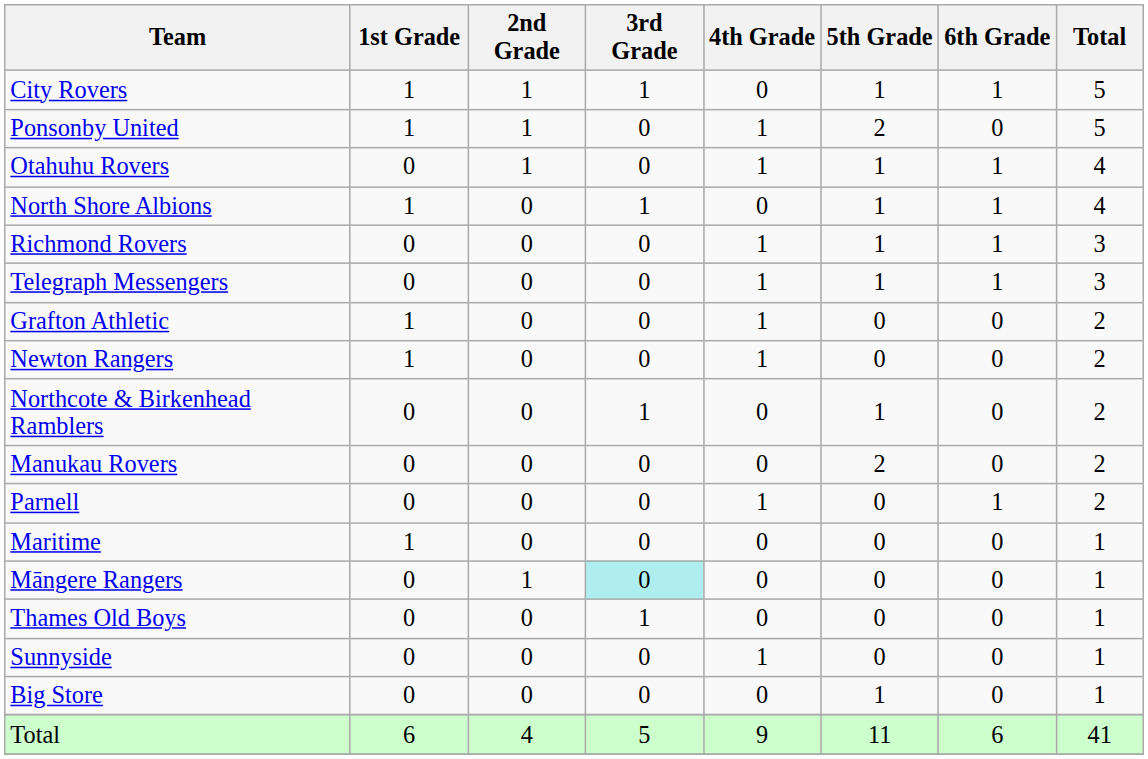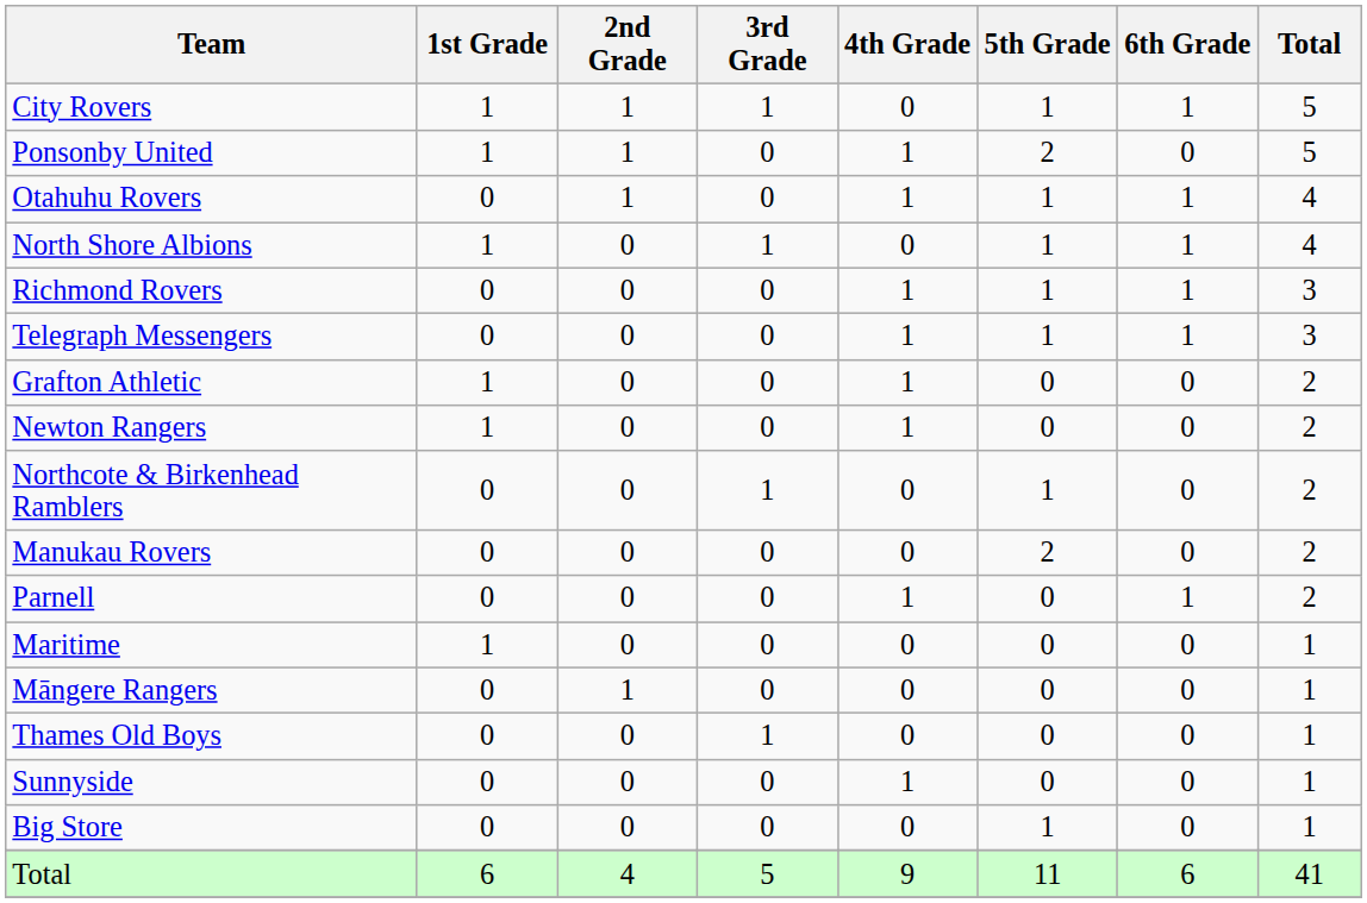 <table class="wikitable" style="text-align:center;">
 <tr>
 <th width=220>Team</th>
 <th width=70 abbr="1st Grade">1st Grade</th>
 <th width=70 abbr="2nd Grade">2nd Grade</th>
 <th width=70 abbr="3rd Grade">3rd Grade</th>
 <th width=70 abbr="4th Grade">4th Grade</th>
 <th width=70 abbr="5th Grade">5th Grade</th>
 <th width=70 abbr="6th Grade">6th Grade</th>
 <th width=50 abbr="Total">Total</th>
 </tr>
 <tr>
 <td style="text-align:left;"><a href='#'>City Rovers</a></td>
 <td>1</td>
 <td>1</td>
 <td>1</td>
 <td>0</td>
 <td>1</td>
 <td>1</td>
 <td>5</td>
 </tr>
 <tr>
 <td style="text-align:left;"><a href='#'>Ponsonby United</a></td>
 <td>1</td>
 <td>1</td>
 <td>0</td>
 <td>1</td>
 <td>2</td>
 <td>0</td>
 <td>5</td>
 </tr>
 <tr>
 <td style="text-align:left;"><a href='#'>Otahuhu Rovers</a></td>
 <td>0</td>
 <td>1</td>
 <td>0</td>
 <td>1</td>
 <td>1</td>
 <td>1</td>
 <td>4</td>
 </tr>
 <tr>
 <td style="text-align:left;"><a href='#'>North Shore Albions</a></td>
 <td>1</td>
 <td>0</td>
 <td>1</td>
 <td>0</td>
 <td>1</td>
 <td>1</td>
 <td>4</td>
 </tr>
 <tr>
 <td style="text-align:left;"><a href='#'>Richmond Rovers</a></td>
 <td>0</td>
 <td>0</td>
 <td>0</td>
 <td>1</td>
 <td>1</td>
 <td>1</td>
 <td>3</td>
 </tr>
 <tr>
 <td style="text-align:left;"><a href='#'>Telegraph Messengers</a></td>
 <td>0</td>
 <td>0</td>
 <td>0</td>
 <td>1</td>
 <td>1</td>
 <td>1</td>
 <td>3</td>
 </tr>
 <tr>
 <td style="text-align:left;"><a href='#'>Grafton Athletic</a></td>
 <td>1</td>
 <td>0</td>
 <td>0</td>
 <td>1</td>
 <td>0</td>
 <td>0</td>
 <td>2</td>
 </tr>
 <tr>
 <td style="text-align:left;"><a href='#'>Newton Rangers</a></td>
 <td>1</td>
 <td>0</td>
 <td>0</td>
 <td>1</td>
 <td>0</td>
 <td>0</td>
 <td>2</td>
 </tr>
 <tr>
 <td style="text-align:left;"><a href='#'>Northcote & Birkenhead Ramblers</a></td>
 <td>0</td>
 <td>0</td>
 <td>1</td>
 <td>0</td>
 <td>1</td>
 <td>0</td>
 <td>2</td>
 </tr>
 <tr>
 <td style="text-align:left;"><a href='#'>Manukau Rovers</a></td>
 <td>0</td>
 <td>0</td>
 <td>0</td>
 <td>0</td>
 <td>2</td>
 <td>0</td>
 <td>2</td>
 </tr>
 <tr>
 <td style="text-align:left;"><a href='#'>Parnell</a></td>
 <td>0</td>
 <td>0</td>
 <td>0</td>
 <td>1</td>
 <td>0</td>
 <td>1</td>
 <td>2</td>
 </tr>
 <tr>
 <td style="text-align:left;"><a href='#'>Maritime</a></td>
 <td>1</td>
 <td>0</td>
 <td>0</td>
 <td>0</td>
 <td>0</td>
 <td>0</td>
 <td>1</td>
 </tr>
 <tr>
 <td style="text-align:left;"><a href='#'>Māngere Rangers</a></td>
 <td>0</td>
 <td>1</td>
-<td style="background: paleturquoise;">0</td>
+<td>0</td>
 <td>0</td>
 <td>0</td>
 <td>0</td>
 <td>1</td>
 </tr>
 <tr>
 <td style="text-align:left;"><a href='#'>Thames Old Boys</a></td>
 <td>0</td>
 <td>0</td>
 <td>1</td>
 <td>0</td>
 <td>0</td>
 <td>0</td>
 <td>1</td>
 </tr>
 <tr>
 <td style="text-align:left;"><a href='#'>Sunnyside</a></td>
 <td>0</td>
 <td>0</td>
 <td>0</td>
 <td>1</td>
 <td>0</td>
 <td>0</td>
 <td>1</td>
 </tr>
 <tr>
 <td style="text-align:left;"><a href='#'>Big Store</a></td>
 <td>0</td>
 <td>0</td>
 <td>0</td>
 <td>0</td>
 <td>1</td>
 <td>0</td>
 <td>1</td>
 </tr>
 <tr>
 </tr>
 <tr style="background: #ccffcc;">
 <td style="text-align:left;">Total</td>
 <td>6</td>
 <td>4</td>
 <td>5</td>
 <td>9</td>
 <td>11</td>
 <td>6</td>
 <td>41</td>
 </tr>
 <tr>
 </tr>
 </table>
